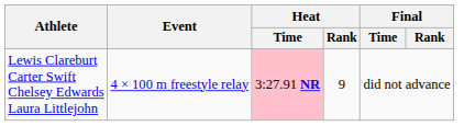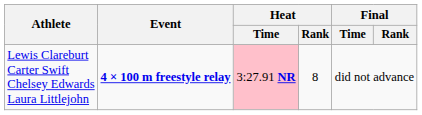 <table class=wikitable style="font-size:90%">
 <tr>
 <th rowspan="2">Athlete</th>
 <th rowspan="2">Event</th>
 <th colspan="2">Heat</th>
 <th colspan="2">Final</th>
 </tr>
 <tr style="font-size:95%">
 <th>Time</th>
 <th>Rank</th>
 <th>Time</th>
 <th>Rank</th>
 </tr>
 <tr style="text-align:center">
 <td style="text-align:left"><a href='#'>Lewis Clareburt</a><br><a href='#'>Carter Swift</a><br><a href='#'>Chelsey Edwards</a> <br><a href='#'>Laura Littlejohn</a></td>
-<td style="text-align:left"><a href='#'>4 × 100 m freestyle relay</a></td>
+<td style="text-align:left"><strong><a href='#'>4 × 100 m freestyle relay</a></strong></td>
 <td style="background: pink;">3:27.91 <strong><a href='#'>NR</a></strong></td>
-<td>9</td>
+<td>8</td>
 <td colspan=2>did not advance</td>
 </tr>
 </table>
